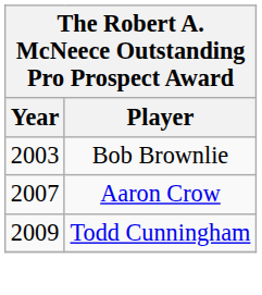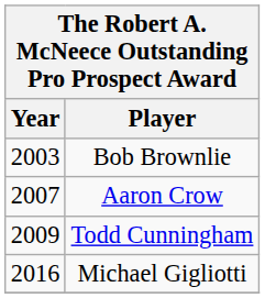 <table class="wikitable" style="display: inline-table; margin-right: 20px; text-align:center">
 <tr>
 <th scope="col" colspan="2" style="width: 145px;">The Robert A. McNeece Outstanding Pro Prospect Award</th>
 </tr>
 <tr>
 <th scope="col">Year</th>
 <th scope="col">Player</th>
 </tr>
 <tr>
 <td>2003</td>
 <td>Bob Brownlie</td>
 </tr>
 <tr>
 <td>2007</td>
 <td><a href='#'>Aaron Crow</a></td>
 </tr>
 <tr>
 <td>2009</td>
 <td><a href='#'>Todd Cunningham</a></td>
 </tr>
 <tr>
+<td>2016</td>
+<td>Michael Gigliotti</td>
+</tr>
+<tr>
 </tr>
 </table>
